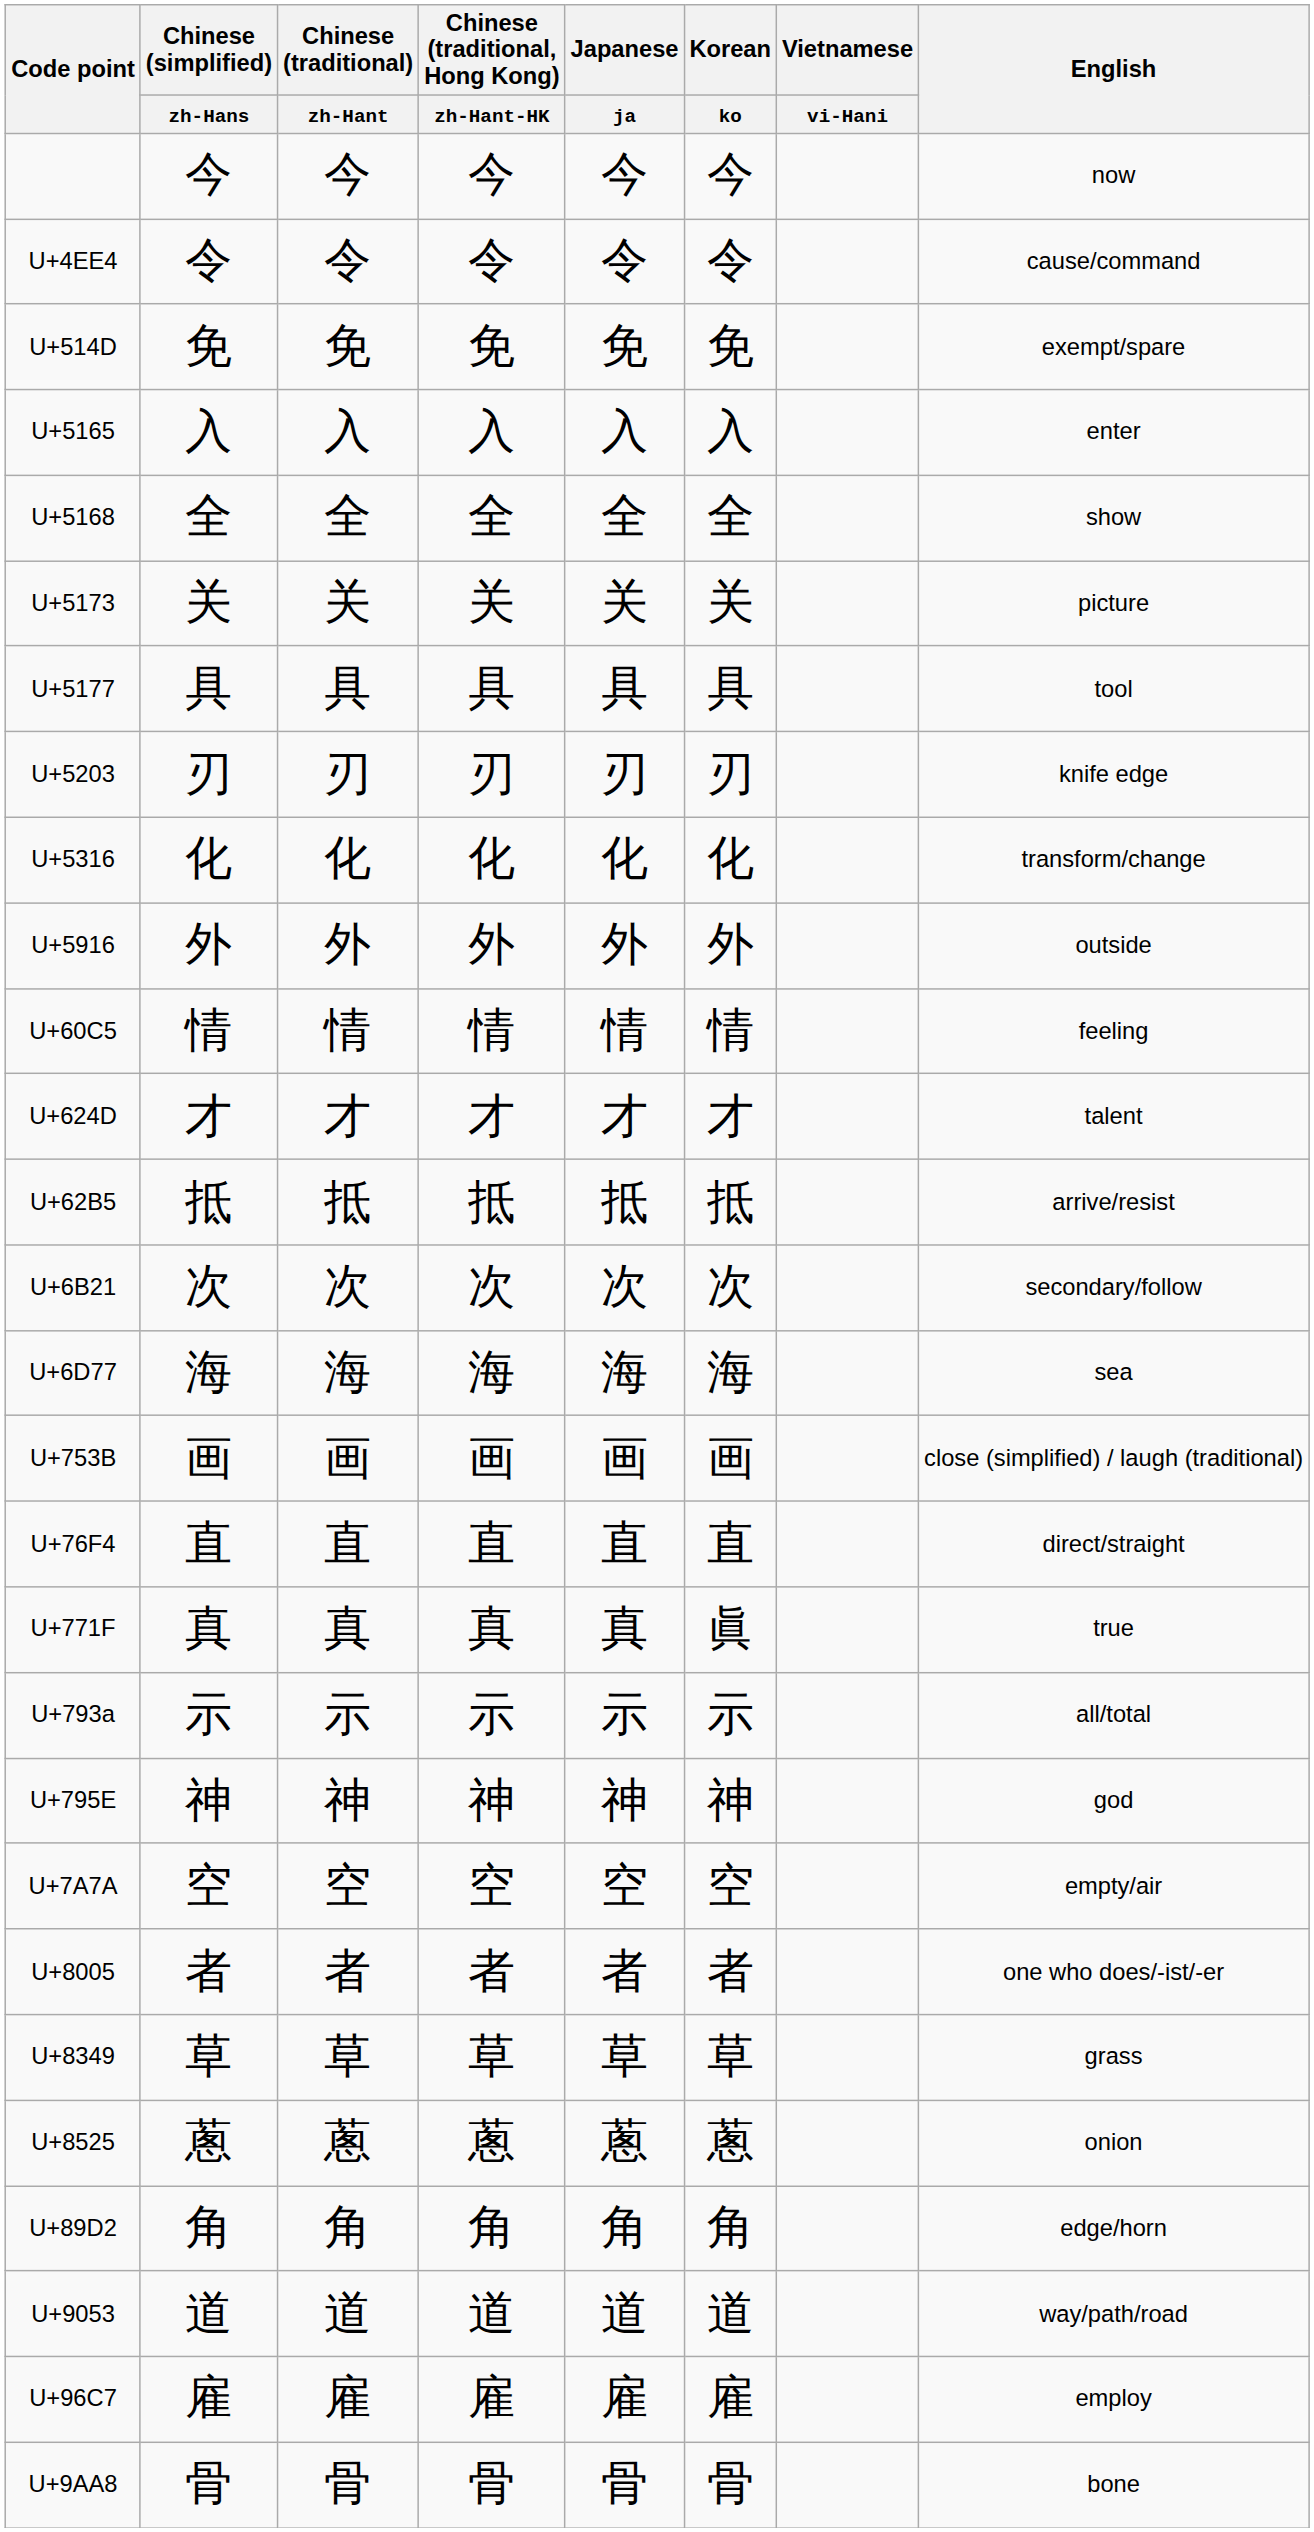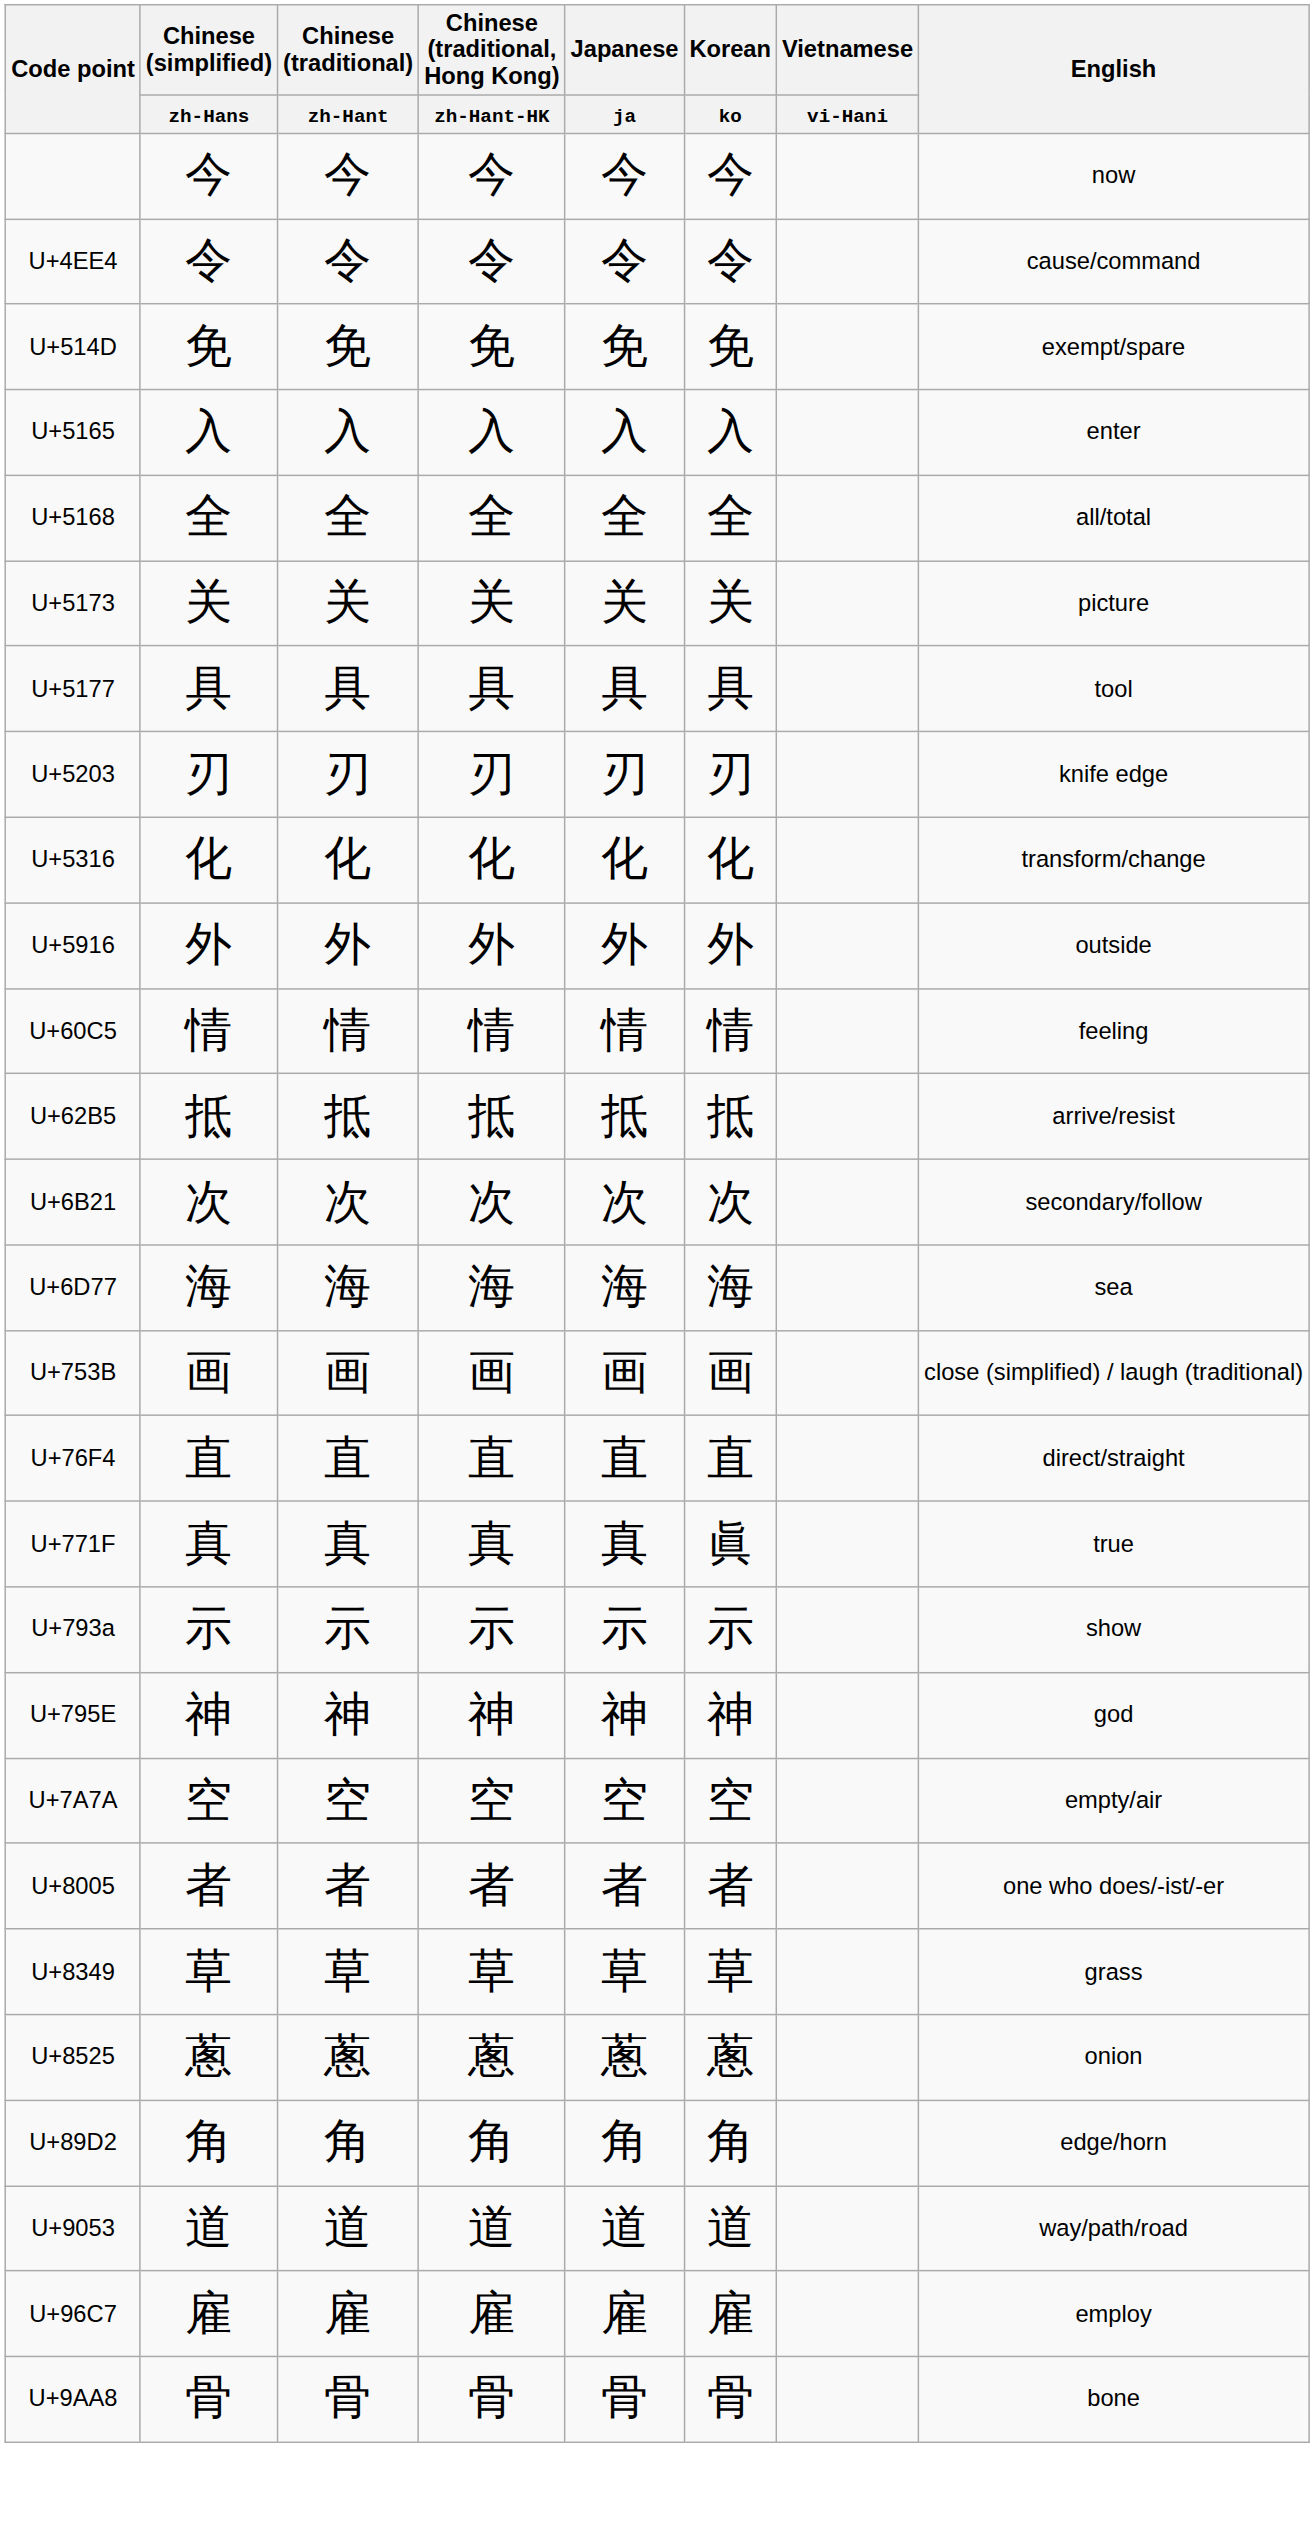 <table class="wikitable" style="text-align: center; font: xx-large/normal sans-serif; margin:0.5em auto;">
 <tr style="font-size: medium">
 <th rowspan="2">Code point</th>
 <th>Chinese <br>(simplified)</th>
 <th>Chinese <br>(traditional)</th>
 <th>Chinese <br>(traditional,<br>Hong Kong)</th>
 <th>Japanese</th>
 <th>Korean</th>
 <th>Vietnamese</th>
 <th rowspan="2">English</th>
 </tr>
 <tr style="font-size: medium">
 <th><code>zh-Hans</code></th>
 <th><code>zh-Hant</code></th>
 <th><code>zh-Hant-HK</code></th>
 <th><code>ja</code></th>
 <th><code>ko</code></th>
 <th><code>vi-Hani</code></th>
 </tr>
 <tr>
 <td style="font-size: medium; font-family: sans-serif;"></td>
 <td lang="zh-Hans">今</td>
 <td lang="zh-Hant">今</td>
 <td lang="zh-Hant-HK">今</td>
 <td lang="ja">今</td>
 <td lang="ko">今</td>
 <td lang="vi"></td>
 <td style="font-size: medium; font-family: sans-serif;">now</td>
 </tr>
 <tr>
 <td style="font-size: medium; font-family: sans-serif;">U+4EE4</td>
 <td lang="zh-Hans">令</td>
 <td lang="zh-Hant">令</td>
 <td lang="zh-Hant-HK">令</td>
 <td lang="ja">令</td>
 <td lang="ko">令</td>
 <td lang="vi"></td>
 <td style="font-size: medium; font-family: sans-serif;">cause/command</td>
 </tr>
 <tr>
 <td style="font-size: medium; font-family: sans-serif;">U+514D</td>
 <td lang="zh-Hans">免</td>
 <td lang="zh-Hant">免</td>
 <td lang="zh-Hant-HK">免</td>
 <td lang="ja">免</td>
 <td lang="ko">免</td>
 <td lang="vi"></td>
 <td style="font-size: medium; font-family: sans-serif;">exempt/spare</td>
 </tr>
 <tr>
 <td style="font-size: medium; font-family: sans-serif;">U+5165</td>
 <td lang="zh-Hans">入</td>
 <td lang="zh-Hant">入</td>
 <td lang="zh-Hant-HK">入</td>
 <td lang="ja">入</td>
 <td lang="ko">入</td>
 <td lang="vi"></td>
 <td style="font-size: medium; font-family: sans-serif;">enter</td>
 </tr>
 <tr>
 <td style="font-size: medium; font-family: sans-serif;">U+5168</td>
 <td lang="zh-Hans">全</td>
 <td lang="zh-Hant">全</td>
 <td lang="zh-Hant-HK">全</td>
 <td lang="ja">全</td>
 <td lang="ko">全</td>
 <td lang="vi"></td>
-<td style="font-size: medium; font-family: sans-serif;">show</td>
+<td style="font-size: medium; font-family: sans-serif;">all/total</td>
 </tr>
 <tr>
 <td style="font-size: medium; font-family: sans-serif;">U+5173</td>
 <td lang="zh-Hans">关</td>
 <td lang="zh-Hant">关</td>
 <td lang="zh-Hant-HK">关</td>
 <td lang="ja">关</td>
 <td lang="ko">关</td>
 <td lang="vi"></td>
 <td style="font-size: medium; font-family: sans-serif;">picture</td>
 </tr>
 <tr>
 <td style="font-size: medium; font-family: sans-serif;">U+5177</td>
 <td lang="zh-Hans">具</td>
 <td lang="zh-Hant">具</td>
 <td lang="zh-Hant-HK">具</td>
 <td lang="ja">具</td>
 <td lang="ko">具</td>
 <td lang="vi"></td>
 <td style="font-size: medium; font-family: sans-serif;">tool</td>
 </tr>
 <tr>
 <td style="font-size: medium; font-family: sans-serif;">U+5203</td>
 <td lang="zh-Hans">刃</td>
 <td lang="zh-Hant">刃</td>
 <td lang="zh-Hant-HK">刃</td>
 <td lang="ja">刃</td>
 <td lang="ko">刃</td>
 <td lang="vi"></td>
 <td style="font-size: medium; font-family: sans-serif;">knife edge</td>
 </tr>
 <tr>
 <td style="font-size: medium; font-family: sans-serif;">U+5316</td>
 <td lang="zh-Hans">化</td>
 <td lang="zh-Hant">化</td>
 <td lang="zh-Hant-HK">化</td>
 <td lang="ja">化</td>
 <td lang="ko">化</td>
 <td lang="vi"></td>
 <td style="font-size: medium; font-family: sans-serif;">transform/change</td>
 </tr>
 <tr>
 <td style="font-size: medium; font-family: sans-serif;">U+5916</td>
 <td lang="zh-Hans">外</td>
 <td lang="zh-Hant">外</td>
 <td lang="zh-Hant-HK">外</td>
 <td lang="ja">外</td>
 <td lang="ko">外</td>
 <td lang="vi"></td>
 <td style="font-size: medium; font-family: sans-serif;">outside</td>
 </tr>
 <tr>
 <td style="font-size: medium; font-family: sans-serif;">U+60C5</td>
 <td lang="zh-Hans">情</td>
 <td lang="zh-Hant">情</td>
 <td lang="zh-Hant-HK">情</td>
 <td lang="ja">情</td>
 <td lang="ko">情</td>
 <td lang="vi"></td>
 <td style="font-size: medium; font-family: sans-serif;">feeling</td>
-</tr>
-<tr>
-<td style="font-size: medium; font-family: sans-serif;">U+624D</td>
-<td lang="zh-Hans">才</td>
-<td lang="zh-Hant">才</td>
-<td lang="zh-Hant-HK">才</td>
-<td lang="ja">才</td>
-<td lang="ko">才</td>
-<td lang="vi"></td>
-<td style="font-size: medium; font-family: sans-serif;">talent</td>
 </tr>
 <tr>
 <td style="font-size: medium; font-family: sans-serif;">U+62B5</td>
 <td lang="zh-Hans">抵</td>
 <td lang="zh-Hant">抵</td>
 <td lang="zh-Hant-HK">抵</td>
 <td lang="ja">抵</td>
 <td lang="ko">抵</td>
 <td lang="vi"></td>
 <td style="font-size: medium; font-family: sans-serif;">arrive/resist</td>
 </tr>
 <tr>
 <td style="font-size: medium; font-family: sans-serif;">U+6B21</td>
 <td lang="zh-Hans">次</td>
 <td lang="zh-Hant">次</td>
 <td lang="zh-Hant-HK">次</td>
 <td lang="ja">次</td>
 <td lang="ko">次</td>
 <td lang="vi"></td>
 <td style="font-size: medium; font-family: sans-serif;">secondary/follow</td>
 </tr>
 <tr>
 <td style="font-size: medium; font-family: sans-serif;">U+6D77</td>
 <td lang="zh-Hans">海</td>
 <td lang="zh-Hant">海</td>
 <td lang="zh-Hant-HK">海</td>
 <td lang="ja">海</td>
 <td lang="ko">海</td>
 <td lang="vi"></td>
 <td style="font-size: medium; font-family: sans-serif;">sea</td>
 </tr>
 <tr>
 <td style="font-size: medium; font-family: sans-serif;">U+753B</td>
 <td lang="zh-Hans">画</td>
 <td lang="zh-Hant">画</td>
 <td lang="zh-Hant-HK">画</td>
 <td lang="ja">画</td>
 <td lang="ko">画</td>
 <td lang="vi"></td>
 <td style="font-size: medium; font-family: sans-serif;">close (simplified) / laugh (traditional)</td>
 </tr>
 <tr>
 <td style="font-size: medium; font-family: sans-serif;">U+76F4</td>
 <td lang="zh-Hans">直</td>
 <td lang="zh-Hant">直</td>
 <td lang="zh-Hant-HK">直</td>
 <td lang="ja">直</td>
 <td lang="ko">直</td>
 <td lang="vi"></td>
 <td style="font-size: medium; font-family: sans-serif;">direct/straight</td>
 </tr>
 <tr>
 <td style="font-size: medium; font-family: sans-serif;">U+771F</td>
 <td lang="zh-Hans">真</td>
 <td lang="zh-Hant">真</td>
 <td lang="zh-Hant-HK">真</td>
 <td lang="ja">真</td>
 <td lang="ko">眞</td>
 <td lang="vi"></td>
 <td style="font-size: medium; font-family: sans-serif;">true</td>
 </tr>
 <tr>
 <td style="font-size: medium; font-family: sans-serif;">U+793a</td>
 <td lang="zh-Hans">示</td>
 <td lang="zh-Hant">示</td>
 <td lang="zh-Hant-HK">示</td>
 <td lang="ja">示</td>
 <td lang="ko">示</td>
 <td lang="vi"></td>
-<td style="font-size: medium; font-family: sans-serif;">all/total</td>
+<td style="font-size: medium; font-family: sans-serif;">show</td>
 </tr>
 <tr>
 <td style="font-size: medium; font-family: sans-serif;">U+795E</td>
 <td lang="zh-Hans">神</td>
 <td lang="zh-Hant">神</td>
 <td lang="zh-Hant-HK">神</td>
 <td lang="ja">神</td>
 <td lang="ko">神</td>
 <td lang="vi"></td>
 <td style="font-size: medium; font-family: sans-serif;">god</td>
 </tr>
 <tr>
 <td style="font-size: medium; font-family: sans-serif;">U+7A7A</td>
 <td lang="zh-Hans">空</td>
 <td lang="zh-Hant">空</td>
 <td lang="zh-Hant-HK">空</td>
 <td lang="ja">空</td>
 <td lang="ko">空</td>
 <td lang="vi"></td>
 <td style="font-size: medium; font-family: sans-serif;">empty/air</td>
 </tr>
 <tr>
 <td style="font-size: medium; font-family: sans-serif;">U+8005</td>
 <td lang="zh-Hans">者</td>
 <td lang="zh-Hant">者</td>
 <td lang="zh-Hant-HK">者</td>
 <td lang="ja">者</td>
 <td lang="ko">者</td>
 <td lang="vi"></td>
 <td style="font-size: medium; font-family: sans-serif">one who does/-ist/-er</td>
 </tr>
 <tr>
 <td style="font-size: medium; font-family: sans-serif;">U+8349</td>
 <td lang="zh-Hans">草</td>
 <td lang="zh-Hant">草</td>
 <td lang="zh-Hant-HK">草</td>
 <td lang="ja">草</td>
 <td lang="ko">草</td>
 <td lang="vi"></td>
 <td style="font-size: medium; font-family: sans-serif;">grass</td>
 </tr>
 <tr>
 <td style="font-size: medium; font-family: sans-serif;">U+8525</td>
 <td lang="zh-Hans">蔥</td>
 <td lang="zh-Hant">蔥</td>
 <td lang="zh-Hant-HK">蔥</td>
 <td lang="ja">蔥</td>
 <td lang="ko">蔥</td>
 <td lang="vi"></td>
 <td style="font-size: medium; font-family: sans-serif;">onion</td>
 </tr>
 <tr>
 <td style="font-size: medium; font-family: sans-serif;">U+89D2</td>
 <td lang="zh-Hans">角</td>
 <td lang="zh-Hant">角</td>
 <td lang="zh-Hant-HK">角</td>
 <td lang="ja">角</td>
 <td lang="ko">角</td>
 <td lang="vi"></td>
 <td style="font-size: medium; font-family: sans-serif;">edge/horn</td>
 </tr>
 <tr>
 <td style="font-size: medium; font-family: sans-serif;">U+9053</td>
 <td lang="zh-Hans">道</td>
 <td lang="zh-Hant">道</td>
 <td lang="zh-Hant-HK">道</td>
 <td lang="ja">道</td>
 <td lang="ko">道</td>
 <td lang="vi"></td>
 <td style="font-size: medium; font-family: sans-serif;">way/path/road</td>
 </tr>
 <tr>
 <td style="font-size: medium; font-family: sans-serif;">U+96C7</td>
 <td lang="zh-Hans">雇</td>
 <td lang="zh-Hant">雇</td>
 <td lang="zh-Hant-HK">雇</td>
 <td lang="ja">雇</td>
 <td lang="ko">雇</td>
 <td lang="vi"></td>
 <td style="font-size: medium; font-family: sans-serif;">employ</td>
 </tr>
 <tr>
 <td style="font-size: medium; font-family: sans-serif;">U+9AA8</td>
 <td lang="zh-Hans">骨</td>
 <td lang="zh-Hant">骨</td>
 <td lang="zh-Hant-HK">骨</td>
 <td lang="ja">骨</td>
 <td lang="ko">骨</td>
 <td lang="vi"></td>
 <td style="font-size: medium; font-family: sans-serif;">bone</td>
 </tr>
 </table>
